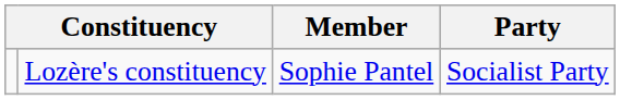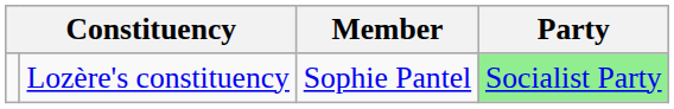 <table class="wikitable">
 <tr>
 <th colspan="2">Constituency</th>
 <th>Member</th>
 <th>Party</th>
 </tr>
 <tr>
 <td style="background-color: "></td>
 <td><a href='#'>Lozère's constituency</a></td>
 <td><a href='#'>Sophie Pantel</a></td>
-<td><a href='#'>Socialist Party</a></td>
+<td style="background: lightgreen;"><a href='#'>Socialist Party</a></td>
 </tr>
 </table>
